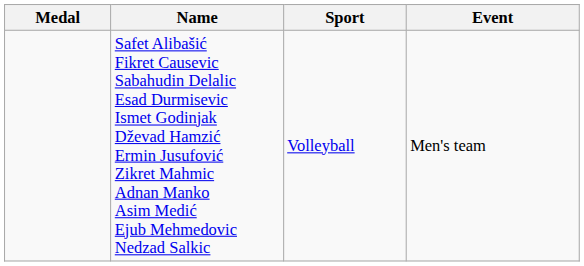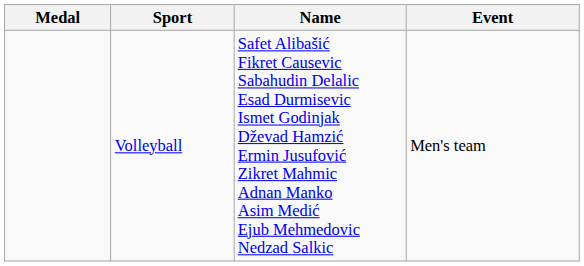 <table class="wikitable">
 <tr>
 <th style="width:6em">Medal</th>
+<th style="width:7em">Sport</th>
 <th style="width:10em">Name</th>
-<th style="width:7em">Sport</th>
 <th style="width:10em">Event</th>
 </tr>
 <tr>
 <td></td>
+<td><a href='#'>Volleyball</a></td>
 <td><a href='#'>Safet Alibašić</a><br> <a href='#'>Fikret Causevic</a><br> <a href='#'>Sabahudin Delalic</a><br> <a href='#'>Esad Durmisevic</a><br> <a href='#'>Ismet Godinjak</a><br> <a href='#'>Dževad Hamzić</a><br> <a href='#'>Ermin Jusufović</a><br> <a href='#'>Zikret Mahmic</a><br> <a href='#'>Adnan Manko</a><br> <a href='#'>Asim Medić</a><br> <a href='#'>Ejub Mehmedovic</a><br> <a href='#'>Nedzad Salkic</a></td>
-<td><a href='#'>Volleyball</a></td>
 <td>Men's team</td>
 </tr>
 </table>
